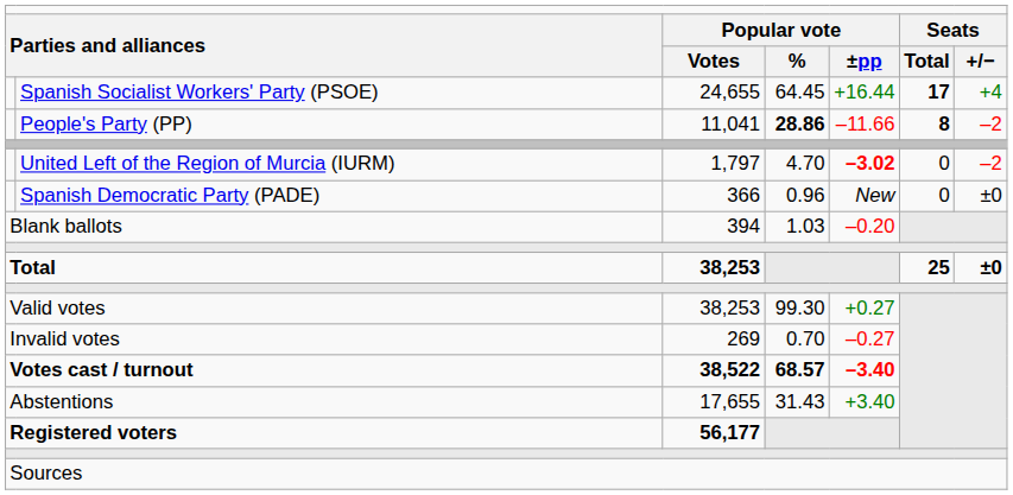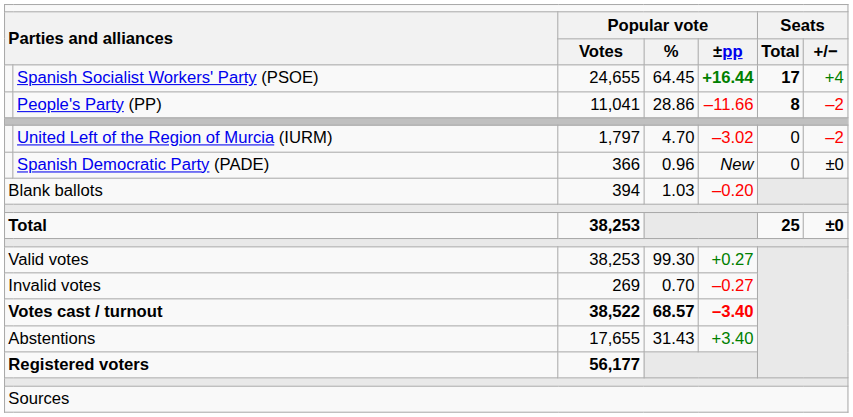 <table class="wikitable" style="text-align:right;">
 <tr>
 <td colspan="7"></td>
 </tr>
 <tr>
 <th style="text-align:left;" rowspan="2" colspan="2" width="525">Parties and alliances</th>
 <th colspan="3">Popular vote</th>
 <th colspan="2">Seats</th>
 </tr>
 <tr>
 <th width="75">Votes</th>
 <th width="45">%</th>
 <th width="45">±<a href='#'>pp</a></th>
 <th width="35">Total</th>
 <th width="35">+/−</th>
 </tr>
 <tr>
 <td width="1" style="color:inherit;background:"></td>
 <td align="left"><a href='#'>Spanish Socialist Workers' Party</a> (PSOE)</td>
 <td>24,655</td>
 <td>64.45</td>
-<td style="color:green;">+16.44</td>
+<td style="color:green;"><strong>+16.44</strong></td>
 <td><strong>17</strong></td>
 <td style="color:green;">+4</td>
 </tr>
 <tr>
 <td style="color:inherit;background:"></td>
 <td align="left"><a href='#'>People's Party</a> (PP)</td>
 <td>11,041</td>
-<td><strong>28.86</strong></td>
+<td>28.86</td>
 <td style="color:red;">–11.66</td>
 <td><strong>8</strong></td>
 <td style="color:red;">–2</td>
 </tr>
 <tr>
 <td colspan="7" bgcolor="#C0C0C0"></td>
 </tr>
 <tr>
 <td style="color:inherit;background:"></td>
 <td align="left"><a href='#'>United Left of the Region of Murcia</a> (IURM)</td>
 <td>1,797</td>
 <td>4.70</td>
-<td style="color:red;"><strong>–3.02</strong></td>
+<td style="color:red;">–3.02</td>
 <td>0</td>
 <td style="color:red;">–2</td>
 </tr>
 <tr>
 <td style="color:inherit;background:"></td>
 <td align="left"><a href='#'>Spanish Democratic Party</a> (PADE)</td>
 <td>366</td>
 <td>0.96</td>
 <td><em>New</em></td>
 <td>0</td>
 <td>±0</td>
 </tr>
 <tr>
 <td align="left" colspan="2">Blank ballots</td>
 <td>394</td>
 <td>1.03</td>
 <td style="color:red;">–0.20</td>
 <td bgcolor="#E9E9E9" colspan="2"></td>
 </tr>
 <tr>
 <td colspan="7" bgcolor="#E9E9E9"></td>
 </tr>
 <tr style="font-weight:bold;">
 <td align="left" colspan="2">Total</td>
 <td>38,253</td>
 <td bgcolor="#E9E9E9" colspan="2"></td>
 <td>25</td>
 <td>±0</td>
 </tr>
 <tr>
 <td colspan="7" bgcolor="#E9E9E9"></td>
 </tr>
 <tr>
 <td align="left" colspan="2">Valid votes</td>
 <td>38,253</td>
 <td>99.30</td>
 <td style="color:green;">+0.27</td>
 <td bgcolor="#E9E9E9" colspan="2" rowspan="5"></td>
 </tr>
 <tr>
 <td align="left" colspan="2">Invalid votes</td>
 <td>269</td>
 <td>0.70</td>
 <td style="color:red;">–0.27</td>
 </tr>
 <tr style="font-weight:bold;">
 <td align="left" colspan="2">Votes cast / turnout</td>
 <td>38,522</td>
 <td>68.57</td>
 <td style="color:red;">–3.40</td>
 </tr>
 <tr>
 <td align="left" colspan="2">Abstentions</td>
 <td>17,655</td>
 <td>31.43</td>
 <td style="color:green;">+3.40</td>
 </tr>
 <tr style="font-weight:bold;">
 <td align="left" colspan="2">Registered voters</td>
 <td>56,177</td>
 <td bgcolor="#E9E9E9" colspan="2"></td>
 </tr>
 <tr>
 <td colspan="7" bgcolor="#E9E9E9"></td>
 </tr>
 <tr>
 <td align="left" colspan="7">Sources</td>
 </tr>
 </table>
